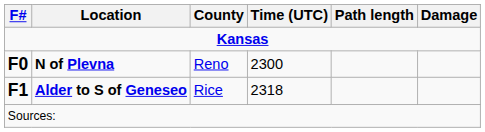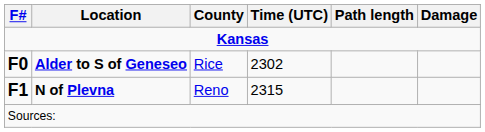 <table class="wikitable">
 <tr>
 <th><strong><a href='#'>F#</a></strong></th>
 <th><strong>Location</strong></th>
 <th><strong>County</strong></th>
 <th><strong>Time (UTC)</strong></th>
 <th><strong>Path length</strong></th>
 <th><strong>Damage</strong></th>
 </tr>
 <tr damage was limited to trees>
 <td colspan="7" align=center><strong><a href='#'>Kansas</a></strong></td>
 </tr>
 <tr Damage was limited to trees>
 <td><big><strong>F0</strong></big></td>
-<td><strong>N of <a href='#'>Plevna</a></strong></td>
-<td><a href='#'>Reno</a></td>
-<td>2300</td>
+<td><strong><a href='#'>Alder</a> to S of <a href='#'>Geneseo</a></strong></td>
+<td><a href='#'>Rice</a></td>
+<td>2302</td>
 <td></td>
 <td></td>
 </tr>
 <tr>
 <td><big><strong>F1</strong></big></td>
-<td><strong><a href='#'>Alder</a> to S of <a href='#'>Geneseo</a></strong></td>
-<td><a href='#'>Rice</a></td>
-<td>2318</td>
+<td><strong>N of <a href='#'>Plevna</a></strong></td>
+<td><a href='#'>Reno</a></td>
+<td>2315</td>
 <td></td>
 <td></td>
 </tr>
 <tr>
 <td colspan="7"><small>Sources:  </small></td>
 </tr>
 </table>
